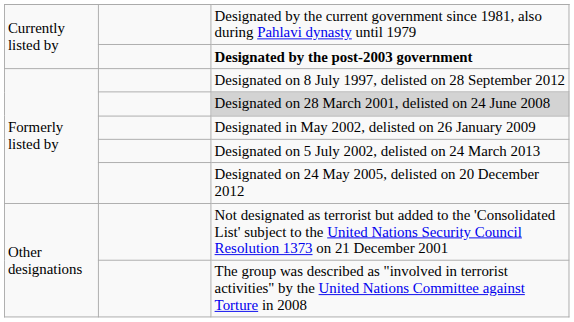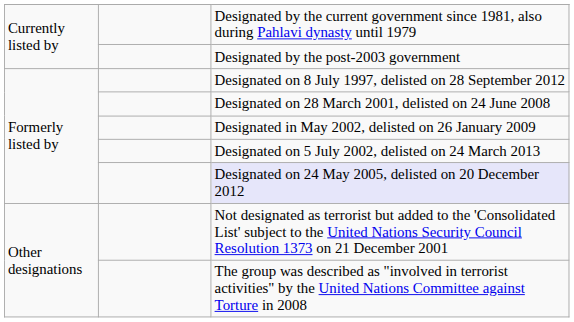 <table class="wikitable" style="text-align:left">
 <tr>
 </tr>
 <tr>
 <td rowspan=2>Currently listed by</td>
 <td></td>
 <td>Designated by the current government since 1981, also during <a href='#'>Pahlavi dynasty</a> until 1979</td>
 </tr>
 <tr>
 <td></td>
-<td><strong>Designated by the post-2003 government</strong></td>
+<td>Designated by the post-2003 government</td>
 </tr>
 <tr>
 <td rowspan=5>Formerly listed by</td>
 <td style="width:20%;"></td>
 <td>Designated on 8 July 1997, delisted on 28 September 2012</td>
 </tr>
 <tr>
 <td></td>
-<td style="background: lightgrey;">Designated on 28 March 2001, delisted on 24 June 2008</td>
+<td>Designated on 28 March 2001, delisted on 24 June 2008</td>
 </tr>
 <tr>
 <td></td>
 <td>Designated in May 2002, delisted on 26 January 2009</td>
 </tr>
 <tr>
 <td></td>
 <td>Designated on 5 July 2002, delisted on 24 March 2013</td>
 </tr>
 <tr>
 <td></td>
-<td>Designated on 24 May 2005, delisted on 20 December 2012</td>
+<td style="background: lavender;">Designated on 24 May 2005, delisted on 20 December 2012</td>
 </tr>
 <tr>
 <td rowspan=2>Other designations</td>
 <td></td>
 <td>Not designated as terrorist but added to the 'Consolidated List' subject to the <a href='#'>United Nations Security Council Resolution 1373</a> on 21 December 2001</td>
 </tr>
 <tr>
 <td></td>
 <td>The group was described as "involved in terrorist activities" by the <a href='#'>United Nations Committee against Torture</a> in 2008</td>
 </tr>
 </table>
